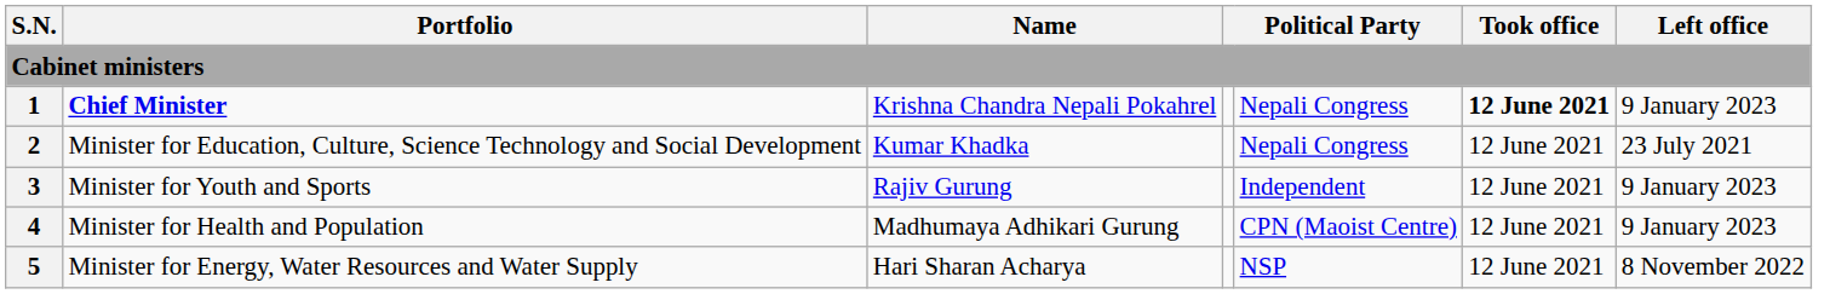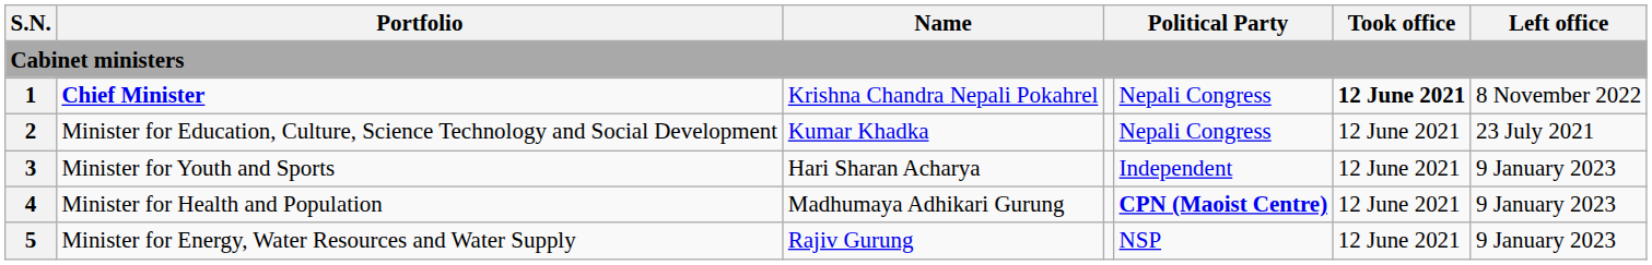 <table class="wikitable">
 <tr>
 <th>S.N.</th>
 <th>Portfolio</th>
 <th>Name<br></th>
 <th colspan="2">Political Party</th>
 <th>Took office</th>
 <th>Left office</th>
 </tr>
 <tr>
 <td colspan="7" bgcolor="darkgrey"><strong>Cabinet ministers</strong></td>
 </tr>
 <tr>
 <th>1</th>
 <td><strong><a href='#'>Chief Minister</a></strong></td>
 <td><a href='#'>Krishna Chandra Nepali Pokahrel</a><br></td>
 <td></td>
 <td><a href='#'>Nepali Congress</a></td>
 <td><strong>12 June 2021</strong></td>
-<td>9 January 2023</td>
+<td>8 November 2022</td>
 </tr>
 <tr>
 <th>2</th>
 <td>Minister for Education, Culture, Science Technology and Social Development</td>
 <td><a href='#'>Kumar Khadka</a><br></td>
 <td></td>
 <td><a href='#'>Nepali Congress</a></td>
 <td>12 June 2021</td>
 <td>23 July 2021</td>
 </tr>
 <tr>
 <th>3</th>
 <td>Minister for Youth and Sports</td>
-<td><a href='#'>Rajiv Gurung</a><br></td>
+<td>Hari Sharan Acharya<br></td>
 <td></td>
 <td><a href='#'>Independent</a></td>
 <td>12 June 2021</td>
 <td>9 January 2023</td>
 </tr>
 <tr>
 <th>4</th>
 <td>Minister for Health and Population</td>
 <td>Madhumaya Adhikari Gurung<br></td>
 <td></td>
-<td><a href='#'>CPN (Maoist Centre)</a></td>
+<td><strong><a href='#'>CPN (Maoist Centre)</a></strong></td>
 <td>12 June 2021</td>
 <td>9 January 2023</td>
 </tr>
 <tr>
 <th>5</th>
 <td>Minister for Energy, Water Resources and Water Supply</td>
-<td>Hari Sharan Acharya<br></td>
+<td><a href='#'>Rajiv Gurung</a><br></td>
 <td></td>
 <td><a href='#'>NSP</a></td>
 <td>12 June 2021</td>
-<td>8 November 2022</td>
+<td>9 January 2023</td>
 </tr>
 </table>
